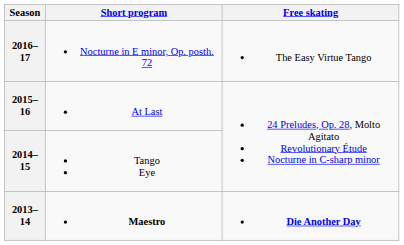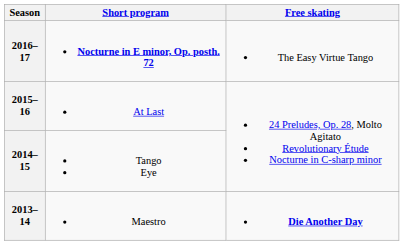 <table class=wikitable style=text-align:center>
 <tr>
 <th>Season</th>
 <th><a href='#'>Short program</a></th>
 <th><a href='#'>Free skating</a></th>
 </tr>
 <tr>
 <th>2016–17</th>
-<td><br><ul><li><a href='#'>Nocturne in E minor, Op. posth. 72</a> <br></li></ul></td>
+<td><strong><br><ul><li><a href='#'>Nocturne in E minor, Op. posth. 72</a> <br></li></ul></strong></td>
 <td><br><ul><li>The Easy Virtue Tango <br></li></ul></td>
 </tr>
 <tr>
 <th>2015–16 <br> </th>
 <td><br><ul><li><a href='#'>At Last</a> <br></li></ul></td>
 <td rowspan=2><br><ul><li><a href='#'>24 Preludes, Op. 28</a>, Molto Agitato <br></li><li><a href='#'>Revolutionary Étude</a> <br></li><li><a href='#'>Nocturne in C-sharp minor</a> <br></li></ul></td>
 </tr>
 <tr>
 <th>2014–15 <br> </th>
 <td><br><ul><li>Tango <br></li><li>Eye <br></li></ul></td>
 </tr>
 <tr>
 <th>2013–14 <br> </th>
-<td><strong><br><ul><li>Maestro <br></li></ul></strong></td>
+<td><br><ul><li>Maestro <br></li></ul></td>
 <td><strong><br><ul><li><a href='#'>Die Another Day</a> <br></li></ul></strong></td>
 </tr>
 </table>
